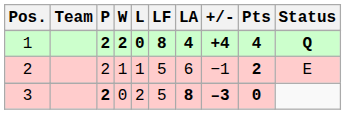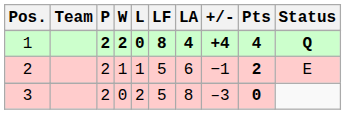 <table class="wikitable" style="text-align:center; margin: 1em auto 1em auto, align:left">
 <tr>
 <th>Pos.</th>
 <th>Team</th>
 <th>P</th>
 <th>W</th>
 <th>L</th>
 <th>LF</th>
 <th>LA</th>
 <th>+/-</th>
 <th>Pts</th>
 <th>Status</th>
 </tr>
 <tr>
 </tr>
 <tr style="background-color:#ccffcc">
 <td>1</td>
 <td style="text-align:left;"></td>
 <td><strong>2</strong></td>
 <td><strong>2</strong></td>
 <td><strong>0</strong></td>
 <td><strong>8</strong></td>
 <td><strong>4</strong></td>
 <td><strong>+4</strong></td>
 <td><strong>4</strong></td>
 <td><strong>Q</strong></td>
 </tr>
 <tr style="background-color:#FFCCCC">
 <td>2</td>
 <td style="text-align:left;"></td>
 <td>2</td>
 <td>1</td>
 <td>1</td>
 <td>5</td>
 <td>6</td>
 <td>−1</td>
 <td><strong>2</strong></td>
 <td rowspan=2>E</td>
 </tr>
 <tr>
 </tr>
 <tr style="background-color:#FFCCCC">
 <td>3</td>
 <td style="text-align:left;"></td>
-<td><strong>2</strong></td>
+<td>2</td>
 <td>0</td>
 <td>2</td>
 <td>5</td>
-<td><strong>8</strong></td>
-<td><strong>–3</strong></td>
+<td>8</td>
+<td>–3</td>
 <td><strong>0</strong></td>
 </tr>
 </table>
